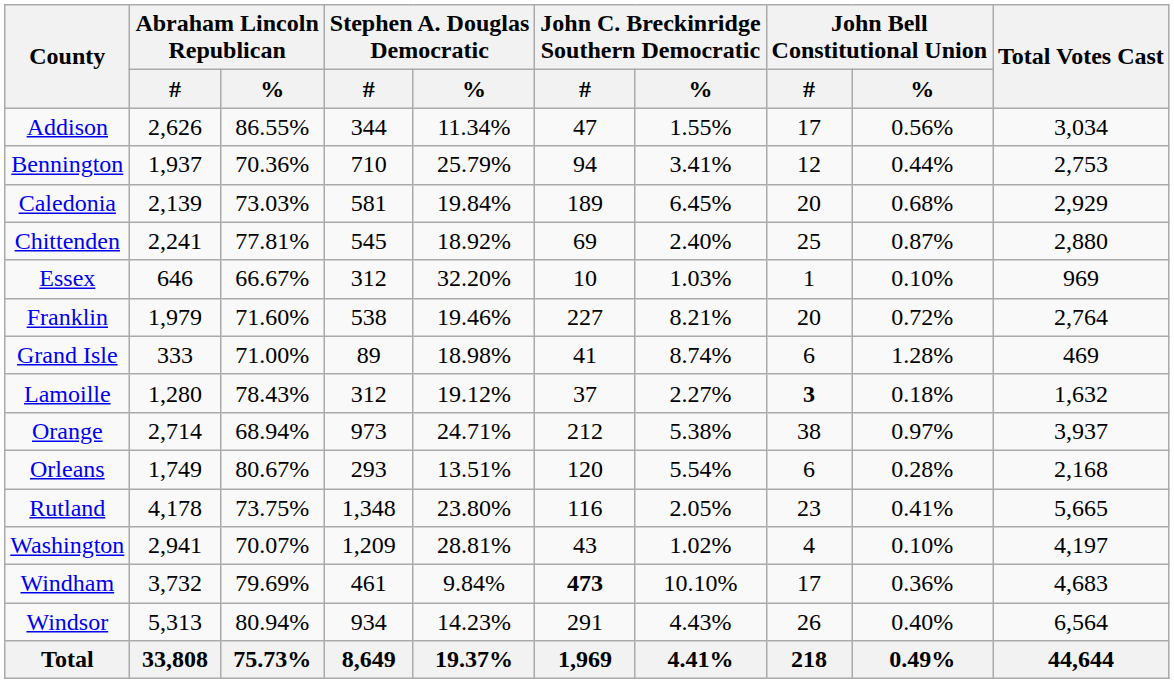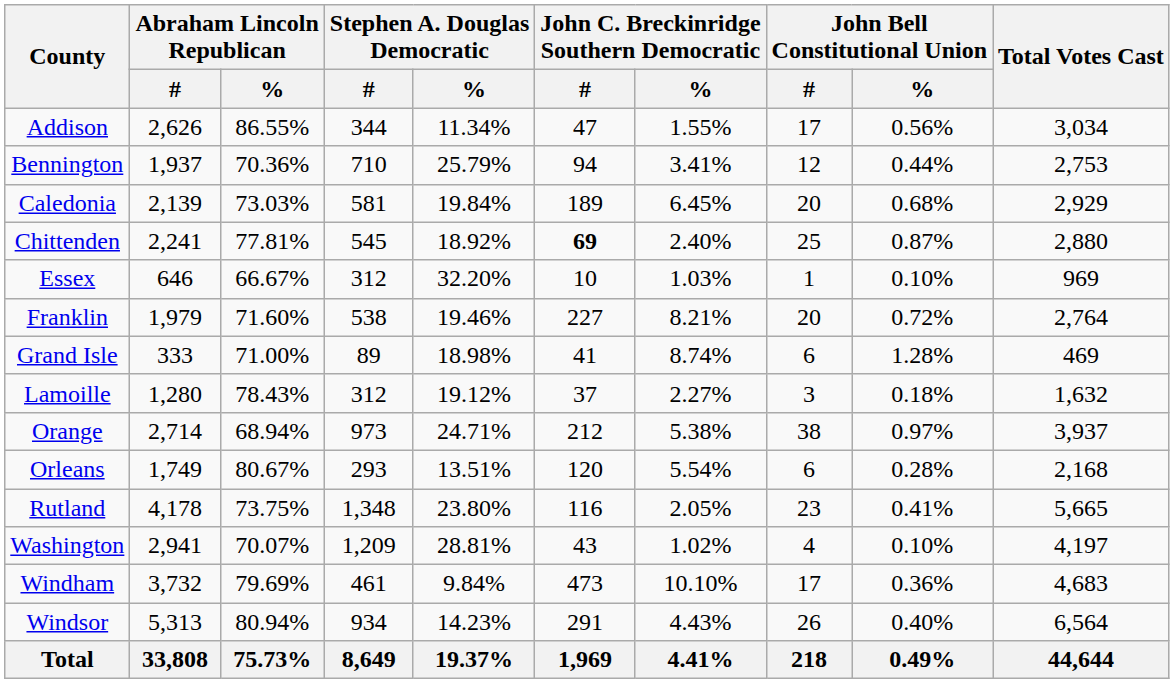 <table class="wikitable sortable">
 <tr>
 <th rowspan="2">County</th>
 <th colspan="2">Abraham Lincoln<br>Republican</th>
 <th colspan="2">Stephen A. Douglas<br>Democratic</th>
 <th colspan="2">John C. Breckinridge<br>Southern Democratic</th>
 <th colspan="2">John Bell<br>Constitutional Union</th>
 <th rowspan="2">Total Votes Cast</th>
 </tr>
 <tr style="text-align:center">
 <th>#</th>
 <th>%</th>
 <th>#</th>
 <th>%</th>
 <th>#</th>
 <th>%</th>
 <th>#</th>
 <th>%</th>
 </tr>
 <tr style="text-align:center">
 <td><a href='#'>Addison</a></td>
 <td>2,626</td>
 <td>86.55%</td>
 <td>344</td>
 <td>11.34%</td>
 <td>47</td>
 <td>1.55%</td>
 <td>17</td>
 <td>0.56%</td>
 <td>3,034</td>
 </tr>
 <tr style="text-align:center">
 <td><a href='#'>Bennington</a></td>
 <td>1,937</td>
 <td>70.36%</td>
 <td>710</td>
 <td>25.79%</td>
 <td>94</td>
 <td>3.41%</td>
 <td>12</td>
 <td>0.44%</td>
 <td>2,753</td>
 </tr>
 <tr style="text-align:center">
 <td><a href='#'>Caledonia</a></td>
 <td>2,139</td>
 <td>73.03%</td>
 <td>581</td>
 <td>19.84%</td>
 <td>189</td>
 <td>6.45%</td>
 <td>20</td>
 <td>0.68%</td>
 <td>2,929</td>
 </tr>
 <tr style="text-align:center">
 <td><a href='#'>Chittenden</a></td>
 <td>2,241</td>
 <td>77.81%</td>
 <td>545</td>
 <td>18.92%</td>
-<td>69</td>
+<td><strong>69</strong></td>
 <td>2.40%</td>
 <td>25</td>
 <td>0.87%</td>
 <td>2,880</td>
 </tr>
 <tr style="text-align:center">
 <td><a href='#'>Essex</a></td>
 <td>646</td>
 <td>66.67%</td>
 <td>312</td>
 <td>32.20%</td>
 <td>10</td>
 <td>1.03%</td>
 <td>1</td>
 <td>0.10%</td>
 <td>969</td>
 </tr>
 <tr style="text-align:center">
 <td><a href='#'>Franklin</a></td>
 <td>1,979</td>
 <td>71.60%</td>
 <td>538</td>
 <td>19.46%</td>
 <td>227</td>
 <td>8.21%</td>
 <td>20</td>
 <td>0.72%</td>
 <td>2,764</td>
 </tr>
 <tr style="text-align:center">
 <td><a href='#'>Grand Isle</a></td>
 <td>333</td>
 <td>71.00%</td>
 <td>89</td>
 <td>18.98%</td>
 <td>41</td>
 <td>8.74%</td>
 <td>6</td>
 <td>1.28%</td>
 <td>469</td>
 </tr>
 <tr style="text-align:center">
 <td><a href='#'>Lamoille</a></td>
 <td>1,280</td>
 <td>78.43%</td>
 <td>312</td>
 <td>19.12%</td>
 <td>37</td>
 <td>2.27%</td>
-<td><strong>3</strong></td>
+<td>3</td>
 <td>0.18%</td>
 <td>1,632</td>
 </tr>
 <tr style="text-align:center">
 <td><a href='#'>Orange</a></td>
 <td>2,714</td>
 <td>68.94%</td>
 <td>973</td>
 <td>24.71%</td>
 <td>212</td>
 <td>5.38%</td>
 <td>38</td>
 <td>0.97%</td>
 <td>3,937</td>
 </tr>
 <tr style="text-align:center">
 <td><a href='#'>Orleans</a></td>
 <td>1,749</td>
 <td>80.67%</td>
 <td>293</td>
 <td>13.51%</td>
 <td>120</td>
 <td>5.54%</td>
 <td>6</td>
 <td>0.28%</td>
 <td>2,168</td>
 </tr>
 <tr style="text-align:center">
 <td><a href='#'>Rutland</a></td>
 <td>4,178</td>
 <td>73.75%</td>
 <td>1,348</td>
 <td>23.80%</td>
 <td>116</td>
 <td>2.05%</td>
 <td>23</td>
 <td>0.41%</td>
 <td>5,665</td>
 </tr>
 <tr style="text-align:center">
 <td><a href='#'>Washington</a></td>
 <td>2,941</td>
 <td>70.07%</td>
 <td>1,209</td>
 <td>28.81%</td>
 <td>43</td>
 <td>1.02%</td>
 <td>4</td>
 <td>0.10%</td>
 <td>4,197</td>
 </tr>
 <tr style="text-align:center">
 <td><a href='#'>Windham</a></td>
 <td>3,732</td>
 <td>79.69%</td>
 <td>461</td>
 <td>9.84%</td>
-<td><strong>473</strong></td>
+<td>473</td>
 <td>10.10%</td>
 <td>17</td>
 <td>0.36%</td>
 <td>4,683</td>
 </tr>
 <tr style="text-align:center">
 <td><a href='#'>Windsor</a></td>
 <td>5,313</td>
 <td>80.94%</td>
 <td>934</td>
 <td>14.23%</td>
 <td>291</td>
 <td>4.43%</td>
 <td>26</td>
 <td>0.40%</td>
 <td>6,564</td>
 </tr>
 <tr style="text-align:center">
 <th>Total</th>
 <th>33,808</th>
 <th>75.73%</th>
 <th>8,649</th>
 <th>19.37%</th>
 <th>1,969</th>
 <th>4.41%</th>
 <th>218</th>
 <th>0.49%</th>
 <th>44,644</th>
 </tr>
 </table>
